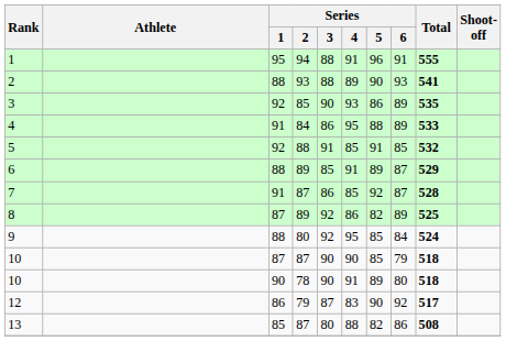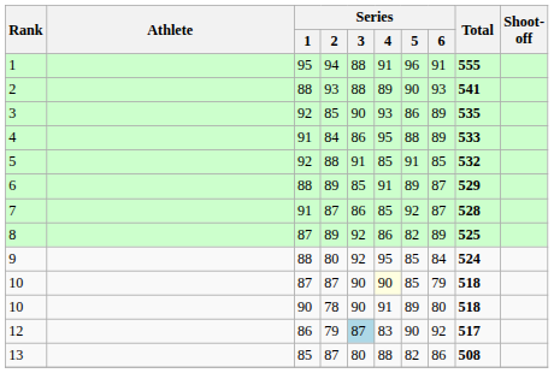 <table class="wikitable" style="font-size:95%" style="width:35em;" style="text-align:center">
 <tr>
 <th rowspan=2>Rank</th>
 <th rowspan=2 width=250>Athlete</th>
 <th colspan=6 width=160>Series</th>
 <th rowspan=2 width=40>Total</th>
 <th rowspan=2 width=40>Shoot-off</th>
 </tr>
 <tr>
 <th>1</th>
 <th>2</th>
 <th>3</th>
 <th>4</th>
 <th>5</th>
 <th>6</th>
 </tr>
 <tr bgcolor=ccffcc>
 <td>1</td>
 <td align=left></td>
 <td>95</td>
 <td>94</td>
 <td>88</td>
 <td>91</td>
 <td>96</td>
 <td>91</td>
 <td><strong>555</strong></td>
 <td></td>
 </tr>
 <tr bgcolor=ccffcc>
 <td>2</td>
 <td align=left></td>
 <td>88</td>
 <td>93</td>
 <td>88</td>
 <td>89</td>
 <td>90</td>
 <td>93</td>
 <td><strong>541</strong></td>
 <td></td>
 </tr>
 <tr bgcolor=ccffcc>
 <td>3</td>
 <td align=left></td>
 <td>92</td>
 <td>85</td>
 <td>90</td>
 <td>93</td>
 <td>86</td>
 <td>89</td>
 <td><strong>535</strong></td>
 <td></td>
 </tr>
 <tr bgcolor=ccffcc>
 <td>4</td>
 <td align=left></td>
 <td>91</td>
 <td>84</td>
 <td>86</td>
 <td>95</td>
 <td>88</td>
 <td>89</td>
 <td><strong>533</strong></td>
 <td></td>
 </tr>
 <tr bgcolor=ccffcc>
 <td>5</td>
 <td align=left></td>
 <td>92</td>
 <td>88</td>
 <td>91</td>
 <td>85</td>
 <td>91</td>
 <td>85</td>
 <td><strong>532</strong></td>
 <td></td>
 </tr>
 <tr bgcolor=ccffcc>
 <td>6</td>
 <td align=left></td>
 <td>88</td>
 <td>89</td>
 <td>85</td>
 <td>91</td>
 <td>89</td>
 <td>87</td>
 <td><strong>529</strong></td>
 <td></td>
 </tr>
 <tr bgcolor=ccffcc>
 <td>7</td>
 <td align=left></td>
 <td>91</td>
 <td>87</td>
 <td>86</td>
 <td>85</td>
 <td>92</td>
 <td>87</td>
 <td><strong>528</strong></td>
 <td></td>
 </tr>
 <tr bgcolor=ccffcc>
 <td>8</td>
 <td align=left></td>
 <td>87</td>
 <td>89</td>
 <td>92</td>
 <td>86</td>
 <td>82</td>
 <td>89</td>
 <td><strong>525</strong></td>
 <td></td>
 </tr>
 <tr>
 <td>9</td>
 <td align=left></td>
 <td>88</td>
 <td>80</td>
 <td>92</td>
 <td>95</td>
 <td>85</td>
 <td>84</td>
 <td><strong>524</strong></td>
 <td></td>
 </tr>
 <tr>
 <td>10</td>
 <td align=left></td>
 <td>87</td>
 <td>87</td>
 <td>90</td>
-<td>90</td>
+<td style="background: lightyellow;">90</td>
 <td>85</td>
 <td>79</td>
 <td><strong>518</strong></td>
 <td></td>
 </tr>
 <tr>
 <td>10</td>
 <td align=left></td>
 <td>90</td>
 <td>78</td>
 <td>90</td>
 <td>91</td>
 <td>89</td>
 <td>80</td>
 <td><strong>518</strong></td>
 <td></td>
 </tr>
 <tr>
 <td>12</td>
 <td align=left></td>
 <td>86</td>
 <td>79</td>
-<td>87</td>
+<td style="background: lightblue;">87</td>
 <td>83</td>
 <td>90</td>
 <td>92</td>
 <td><strong>517</strong></td>
 <td></td>
 </tr>
 <tr>
 <td>13</td>
 <td align=left></td>
 <td>85</td>
 <td>87</td>
 <td>80</td>
 <td>88</td>
 <td>82</td>
 <td>86</td>
 <td><strong>508</strong></td>
 <td></td>
 </tr>
 <tr>
 </tr>
 </table>
